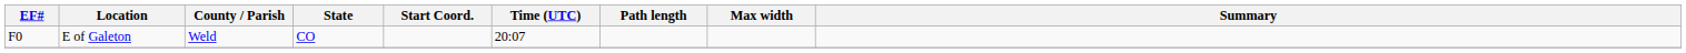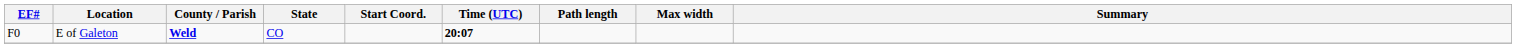 <table class="wikitable sortable" style="width:100%;">
 <tr>
 <th scope="col"  style="width:3%; text-align:center;"><a href='#'>EF#</a></th>
 <th scope="col"  style="width:7%; text-align:center;" class="unsortable">Location</th>
 <th scope="col"  style="width:6%; text-align:center;" class="unsortable">County / Parish</th>
 <th scope="col"  style="width:5%; text-align:center;">State</th>
 <th scope="col"  style="width:6%; text-align:center;">Start Coord.</th>
 <th scope="col"  style="width:6%; text-align:center;">Time (<a href='#'>UTC</a>)</th>
 <th scope="col"  style="width:6%; text-align:center;">Path length</th>
 <th scope="col"  style="width:6%; text-align:center;">Max width</th>
 <th scope="col" class="unsortable" style="width:48%; text-align:center;">Summary</th>
 </tr>
 <tr>
 <td bgcolor=>F0</td>
 <td>E of <a href='#'>Galeton</a></td>
-<td><a href='#'>Weld</a></td>
+<td><strong><a href='#'>Weld</a></strong></td>
 <td><a href='#'>CO</a></td>
 <td></td>
-<td>20:07</td>
+<td><strong>20:07</strong></td>
 <td></td>
 <td></td>
 <td></td>
 </tr>
 <tr>
 </tr>
 </table>
